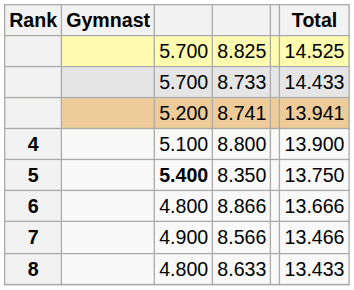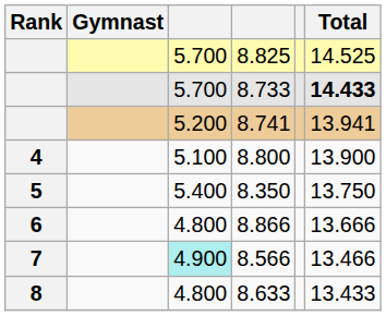 <table class="wikitable sortable" style="text-align:center; font-size:95%">
 <tr>
 <th scope=col>Rank</th>
 <th scope=col>Gymnast</th>
 <th scope=col></th>
 <th scope=col></th>
 <th scope=col></th>
 <th scope=col>Total</th>
 </tr>
 <tr bgcolor=fffcaf>
 <th scope=row></th>
 <td align=left></td>
 <td>5.700</td>
 <td>8.825</td>
 <td></td>
 <td>14.525</td>
 </tr>
 <tr bgcolor=e5e5e5>
 <th scope=row></th>
 <td align=left></td>
 <td>5.700</td>
 <td>8.733</td>
 <td></td>
-<td>14.433</td>
+<td><strong>14.433</strong></td>
 </tr>
 <tr bgcolor=eecc99>
 <th scope=row></th>
 <td align=left></td>
 <td>5.200</td>
 <td>8.741</td>
 <td></td>
 <td>13.941</td>
 </tr>
 <tr>
 <th scope=row>4</th>
 <td align=left></td>
 <td>5.100</td>
 <td>8.800</td>
 <td></td>
 <td>13.900</td>
 </tr>
 <tr>
 <th scope=row>5</th>
 <td align=left></td>
-<td><strong>5.400</strong></td>
+<td>5.400</td>
 <td>8.350</td>
 <td></td>
 <td>13.750</td>
 </tr>
 <tr>
 <th scope=row>6</th>
 <td align=left></td>
 <td>4.800</td>
 <td>8.866</td>
 <td></td>
 <td>13.666</td>
 </tr>
 <tr>
 <th scope=row>7</th>
 <td align=left></td>
-<td>4.900</td>
+<td style="background: paleturquoise;">4.900</td>
 <td>8.566</td>
 <td></td>
 <td>13.466</td>
 </tr>
 <tr>
 <th scope=row>8</th>
 <td align=left></td>
 <td>4.800</td>
 <td>8.633</td>
 <td></td>
 <td>13.433</td>
 </tr>
 <tr>
 </tr>
 </table>
